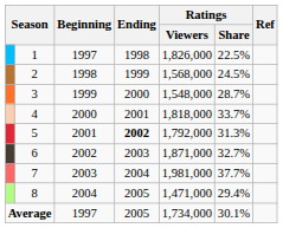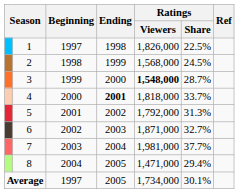 <table class="wikitable" style="text-align: center; width=50%; style="background: #FFFFFF">
 <tr>
 <th colspan="2" rowspan="2">Season</th>
 <th rowspan="2">Beginning</th>
 <th rowspan="2">Ending</th>
 <th colspan="2">Ratings</th>
 <th rowspan="2">Ref</th>
 </tr>
 <tr>
 <th>Viewers</th>
 <th>Share</th>
 </tr>
 <tr>
 <td style="width: 5px" bgcolor="#00BFFF"></td>
 <td>1</td>
 <td>1997</td>
 <td>1998</td>
 <td>1,826,000</td>
 <td>22.5%</td>
 <td></td>
 </tr>
 <tr>
 <td style="width: 5px" bgcolor="B87333"></td>
 <td>2</td>
 <td>1998</td>
 <td>1999</td>
 <td>1,568,000</td>
 <td>24.5%</td>
 <td></td>
 </tr>
 <tr>
 <td style="width: 5px" bgcolor="FF7028"></td>
 <td>3</td>
 <td>1999</td>
 <td>2000</td>
-<td>1,548,000</td>
+<td><strong>1,548,000</strong></td>
 <td>28.7%</td>
 <td></td>
 </tr>
 <tr>
 <td style="width: 5px" bgcolor="FBCEB1"></td>
 <td>4</td>
 <td>2000</td>
-<td>2001</td>
+<td><strong>2001</strong></td>
 <td>1,818,000</td>
 <td>33.7%</td>
 <td></td>
 </tr>
 <tr>
 <td style="width: 5px" bgcolor="E32636"></td>
 <td>5</td>
 <td>2001</td>
-<td><strong>2002</strong></td>
+<td>2002</td>
 <td>1,792,000</td>
 <td>31.3%</td>
 <td></td>
 </tr>
 <tr>
 <td style="width: 5px" bgcolor="483C32"></td>
 <td>6</td>
 <td>2002</td>
 <td>2003</td>
 <td>1,871,000</td>
 <td>32.7%</td>
 <td></td>
 </tr>
 <tr>
 <td style="width: 5px" bgcolor="FF6666"></td>
 <td>7</td>
 <td>2003</td>
 <td>2004</td>
 <td>1,981,000</td>
 <td>37.7%</td>
 <td></td>
 </tr>
 <tr>
 <td style="width: 5px" bgcolor="B4FB84"></td>
 <td>8</td>
 <td>2004</td>
 <td>2005</td>
 <td>1,471,000</td>
 <td>29.4%</td>
 <td></td>
 </tr>
 <tr>
 <td colspan="2"><strong>Average</strong></td>
 <td>1997</td>
 <td>2005</td>
 <td>1,734,000</td>
 <td>30.1%</td>
 <td></td>
 </tr>
 </table>
